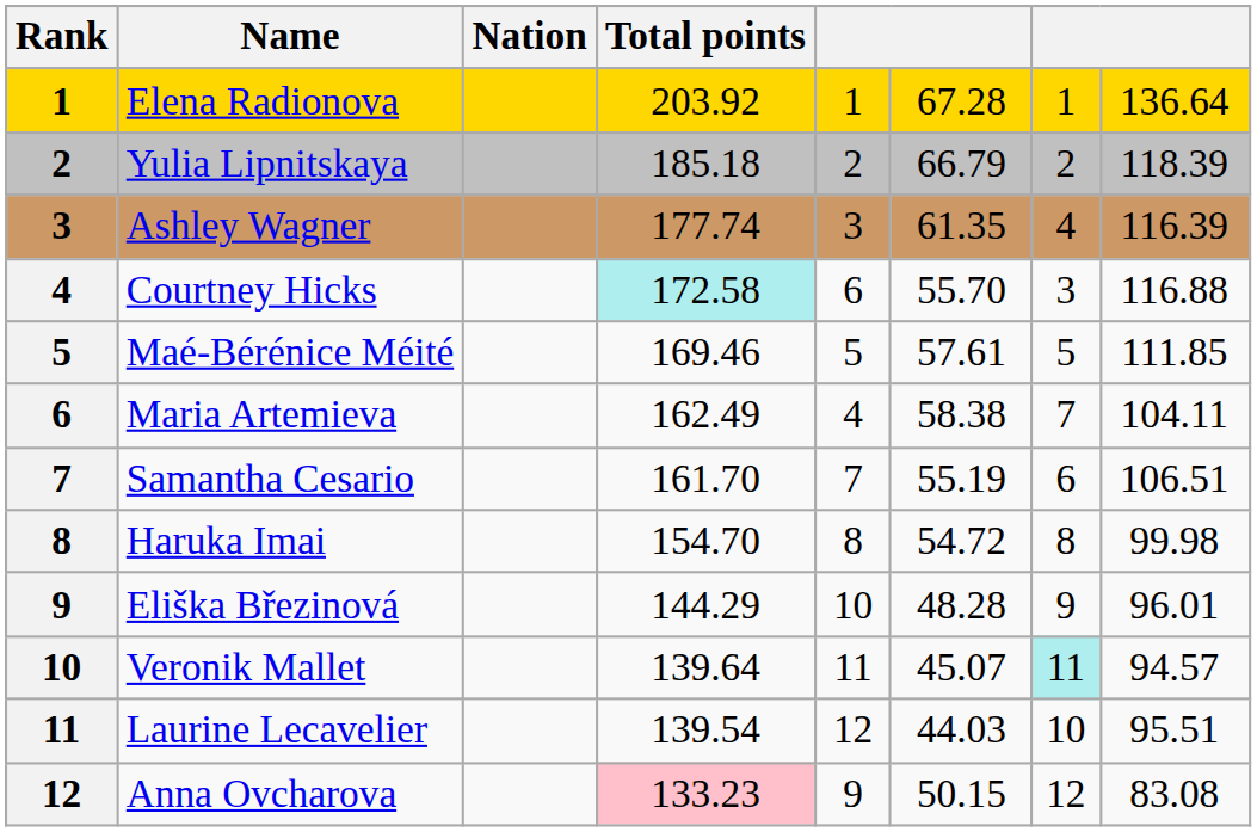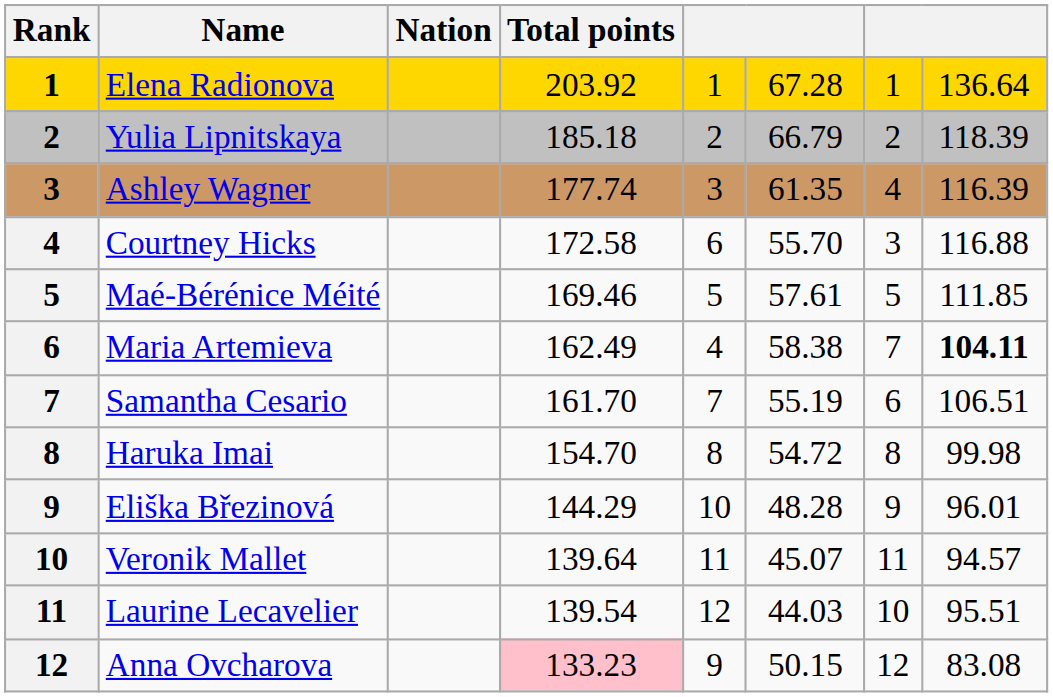 <table class="wikitable sortable">
 <tr>
 <th>Rank</th>
 <th>Name</th>
 <th>Nation</th>
 <th>Total points</th>
 <th colspan="2" width="80px"></th>
 <th colspan="2" width="80px"></th>
 </tr>
 <tr bgcolor="gold">
 <td align="center"><strong>1</strong></td>
 <td><a href='#'>Elena Radionova</a></td>
 <td></td>
 <td align="center">203.92</td>
 <td align="center">1</td>
 <td align="center">67.28</td>
 <td align="center">1</td>
 <td align="center">136.64</td>
 </tr>
 <tr bgcolor="silver">
 <td align="center"><strong>2</strong></td>
 <td><a href='#'>Yulia Lipnitskaya</a></td>
 <td></td>
 <td align="center">185.18</td>
 <td align="center">2</td>
 <td align="center">66.79</td>
 <td align="center">2</td>
 <td align="center">118.39</td>
 </tr>
 <tr bgcolor="cc9966">
 <td align="center"><strong>3</strong></td>
 <td><a href='#'>Ashley Wagner</a></td>
 <td></td>
 <td align="center">177.74</td>
 <td align="center">3</td>
 <td align="center">61.35</td>
 <td align="center">4</td>
 <td align="center">116.39</td>
 </tr>
 <tr>
 <th>4</th>
 <td><a href='#'>Courtney Hicks</a></td>
 <td></td>
-<td align="center" style="background: paleturquoise;">172.58</td>
+<td align="center">172.58</td>
 <td align="center">6</td>
 <td align="center">55.70</td>
 <td align="center">3</td>
 <td align="center">116.88</td>
 </tr>
 <tr>
 <th>5</th>
 <td><a href='#'>Maé-Bérénice Méité</a></td>
 <td></td>
 <td align="center">169.46</td>
 <td align="center">5</td>
 <td align="center">57.61</td>
 <td align="center">5</td>
 <td align="center">111.85</td>
 </tr>
 <tr>
 <th>6</th>
 <td><a href='#'>Maria Artemieva</a></td>
 <td></td>
 <td align="center">162.49</td>
 <td align="center">4</td>
 <td align="center">58.38</td>
 <td align="center">7</td>
-<td align="center">104.11</td>
+<td align="center"><strong>104.11</strong></td>
 </tr>
 <tr>
 <th>7</th>
 <td><a href='#'>Samantha Cesario</a></td>
 <td></td>
 <td align="center">161.70</td>
 <td align="center">7</td>
 <td align="center">55.19</td>
 <td align="center">6</td>
 <td align="center">106.51</td>
 </tr>
 <tr>
 <th>8</th>
 <td><a href='#'>Haruka Imai</a></td>
 <td></td>
 <td align="center">154.70</td>
 <td align="center">8</td>
 <td align="center">54.72</td>
 <td align="center">8</td>
 <td align="center">99.98</td>
 </tr>
 <tr>
 <th>9</th>
 <td><a href='#'>Eliška Březinová</a></td>
 <td></td>
 <td align="center">144.29</td>
 <td align="center">10</td>
 <td align="center">48.28</td>
 <td align="center">9</td>
 <td align="center">96.01</td>
 </tr>
 <tr>
 <th>10</th>
 <td><a href='#'>Veronik Mallet</a></td>
 <td></td>
 <td align="center">139.64</td>
 <td align="center">11</td>
 <td align="center">45.07</td>
-<td align="center" style="background: paleturquoise;">11</td>
+<td align="center">11</td>
 <td align="center">94.57</td>
 </tr>
 <tr>
 <th>11</th>
 <td><a href='#'>Laurine Lecavelier</a></td>
 <td></td>
 <td align="center">139.54</td>
 <td align="center">12</td>
 <td align="center">44.03</td>
 <td align="center">10</td>
 <td align="center">95.51</td>
 </tr>
 <tr>
 <th>12</th>
 <td><a href='#'>Anna Ovcharova</a></td>
 <td></td>
 <td align="center" style="background: pink;">133.23</td>
 <td align="center">9</td>
 <td align="center">50.15</td>
 <td align="center">12</td>
 <td align="center">83.08</td>
 </tr>
 </table>
